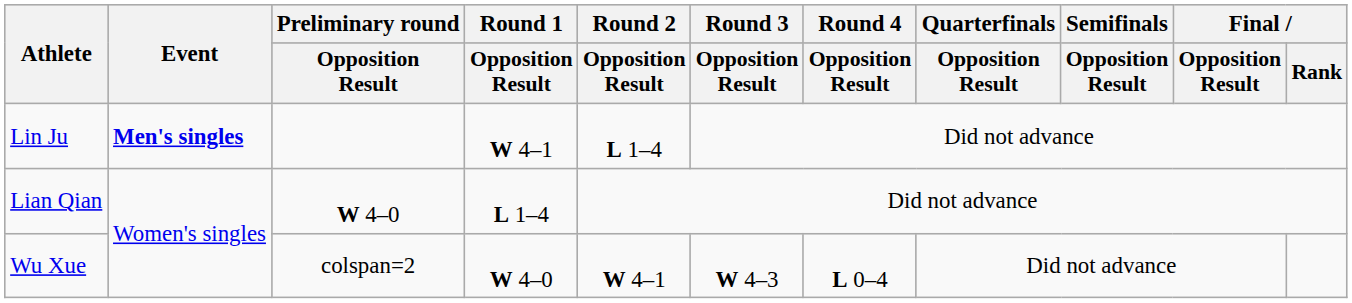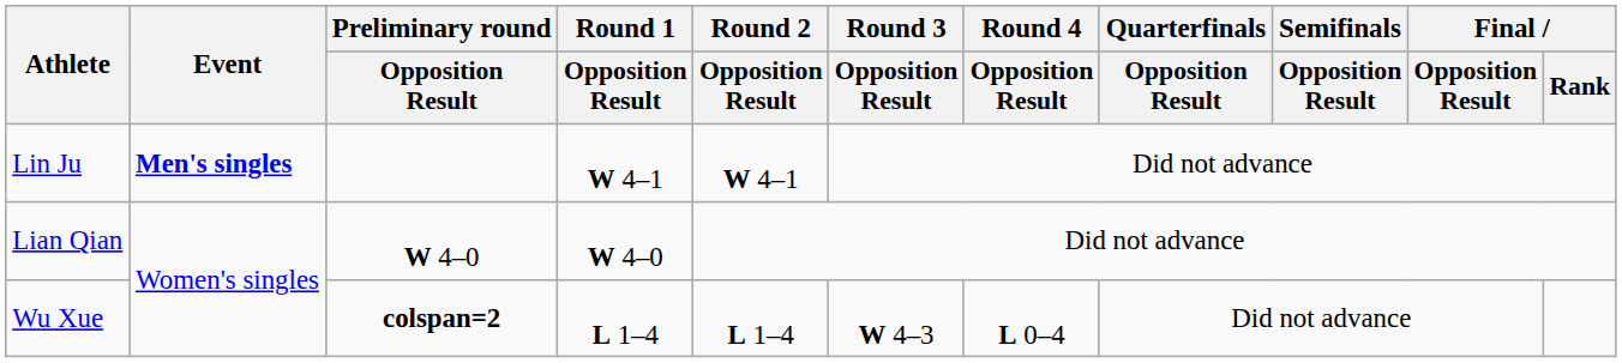 <table class="wikitable" style="font-size:90%">
 <tr>
 <th rowspan="2">Athlete</th>
 <th rowspan="2">Event</th>
 <th>Preliminary round</th>
 <th>Round 1</th>
 <th>Round 2</th>
 <th>Round 3</th>
 <th>Round 4</th>
 <th>Quarterfinals</th>
 <th>Semifinals</th>
 <th colspan=2>Final / </th>
 </tr>
 <tr style="font-size:95%">
 <th>Opposition<br>Result</th>
 <th>Opposition<br>Result</th>
 <th>Opposition<br>Result</th>
 <th>Opposition<br>Result</th>
 <th>Opposition<br>Result</th>
 <th>Opposition<br>Result</th>
 <th>Opposition<br>Result</th>
 <th>Opposition<br>Result</th>
 <th>Rank</th>
 </tr>
 <tr align=center>
 <td align=left><a href='#'>Lin Ju</a></td>
 <td align=left><strong><a href='#'>Men's singles</a></strong></td>
 <td></td>
 <td><br><strong>W</strong> 4–1</td>
-<td><br><strong>L</strong> 1–4</td>
+<td><br><strong>W</strong> 4–1</td>
 <td colspan=6>Did not advance</td>
 </tr>
 <tr align=center>
 <td align=left><a href='#'>Lian Qian</a></td>
 <td align=left rowspan=2><a href='#'>Women's singles</a></td>
 <td><br><strong>W</strong> 4–0</td>
-<td><br><strong>L</strong> 1–4</td>
+<td><br><strong>W</strong> 4–0</td>
 <td colspan=7>Did not advance</td>
 </tr>
 <tr align=center>
 <td align=left><a href='#'>Wu Xue</a></td>
-<td>colspan=2 </td>
-<td><br><strong>W</strong> 4–0</td>
-<td><br><strong>W</strong> 4–1</td>
+<td><strong>colspan=2 </strong></td>
+<td><br><strong>L</strong> 1–4</td>
+<td><br><strong>L</strong> 1–4</td>
 <td><br><strong>W</strong> 4–3</td>
 <td><br><strong>L</strong> 0–4</td>
 <td colspan=3>Did not advance</td>
 </tr>
 </table>
